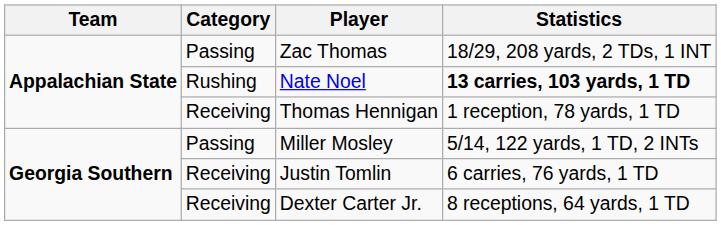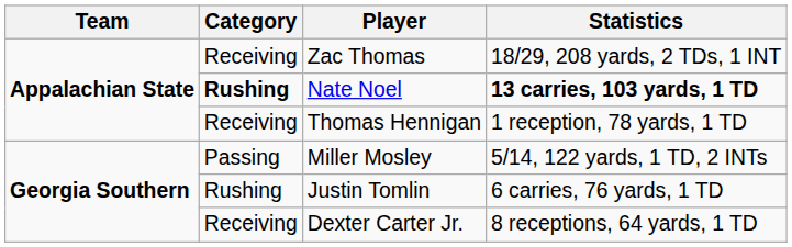 <table class="wikitable" style="float: left;">
 <tr>
 <th>Team</th>
 <th>Category</th>
 <th>Player</th>
 <th>Statistics</th>
 </tr>
 <tr>
 <td rowspan=3><strong>Appalachian State</strong></td>
-<td>Passing</td>
+<td>Receiving</td>
 <td>Zac Thomas</td>
 <td>18/29, 208 yards, 2 TDs, 1 INT</td>
 </tr>
 <tr>
-<td>Rushing</td>
+<td><strong>Rushing</strong></td>
 <td><a href='#'>Nate Noel</a></td>
 <td><strong>13 carries, 103 yards, 1 TD</strong></td>
 </tr>
 <tr>
 <td>Receiving</td>
 <td>Thomas Hennigan</td>
 <td>1 reception, 78 yards, 1 TD</td>
 </tr>
 <tr>
 <td rowspan=3><strong>Georgia Southern</strong></td>
 <td>Passing</td>
 <td>Miller Mosley</td>
 <td>5/14, 122 yards, 1 TD, 2 INTs</td>
 </tr>
 <tr>
-<td>Receiving</td>
+<td>Rushing</td>
 <td>Justin Tomlin</td>
 <td>6 carries, 76 yards, 1 TD</td>
 </tr>
 <tr>
 <td>Receiving</td>
 <td>Dexter Carter Jr.</td>
 <td>8 receptions, 64 yards, 1 TD</td>
 </tr>
 </table>
